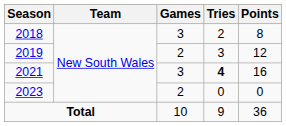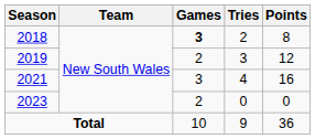 <table class="wikitable" style="text-align:center;">
 <tr style="background:#bdb76b;">
 <th>Season</th>
 <th>Team</th>
 <th>Games</th>
 <th>Tries</th>
 <th>Points</th>
 </tr>
 <tr>
 <td><a href='#'>2018</a></td>
 <td rowspan="4"> <a href='#'>New South Wales</a></td>
-<td>3</td>
+<td><strong>3</strong></td>
 <td>2</td>
 <td>8</td>
 </tr>
 <tr>
 <td><a href='#'>2019</a></td>
 <td>2</td>
 <td>3</td>
 <td>12</td>
 </tr>
 <tr>
 <td><a href='#'>2021</a></td>
 <td>3</td>
-<td><strong>4</strong></td>
+<td>4</td>
 <td>16</td>
 </tr>
 <tr>
 <td><a href='#'>2023</a></td>
 <td>2</td>
 <td>0</td>
 <td>0</td>
 </tr>
 <tr>
 <td colspan="2"><strong>Total</strong></td>
 <td>10</td>
 <td>9</td>
 <td>36</td>
 </tr>
 </table>
